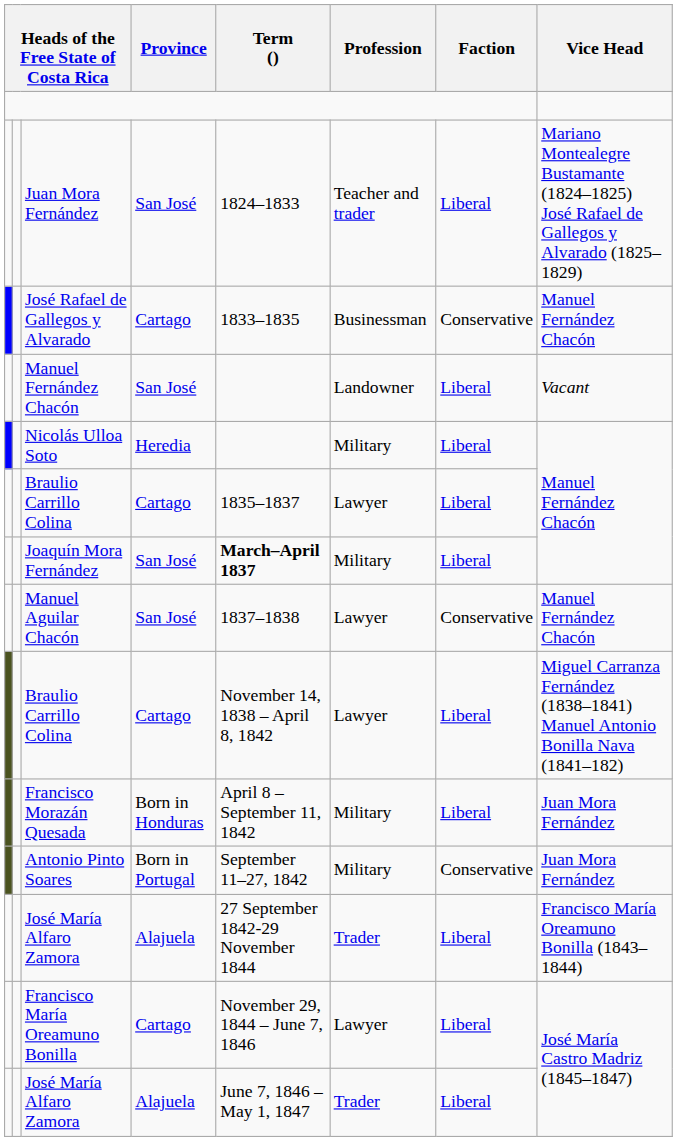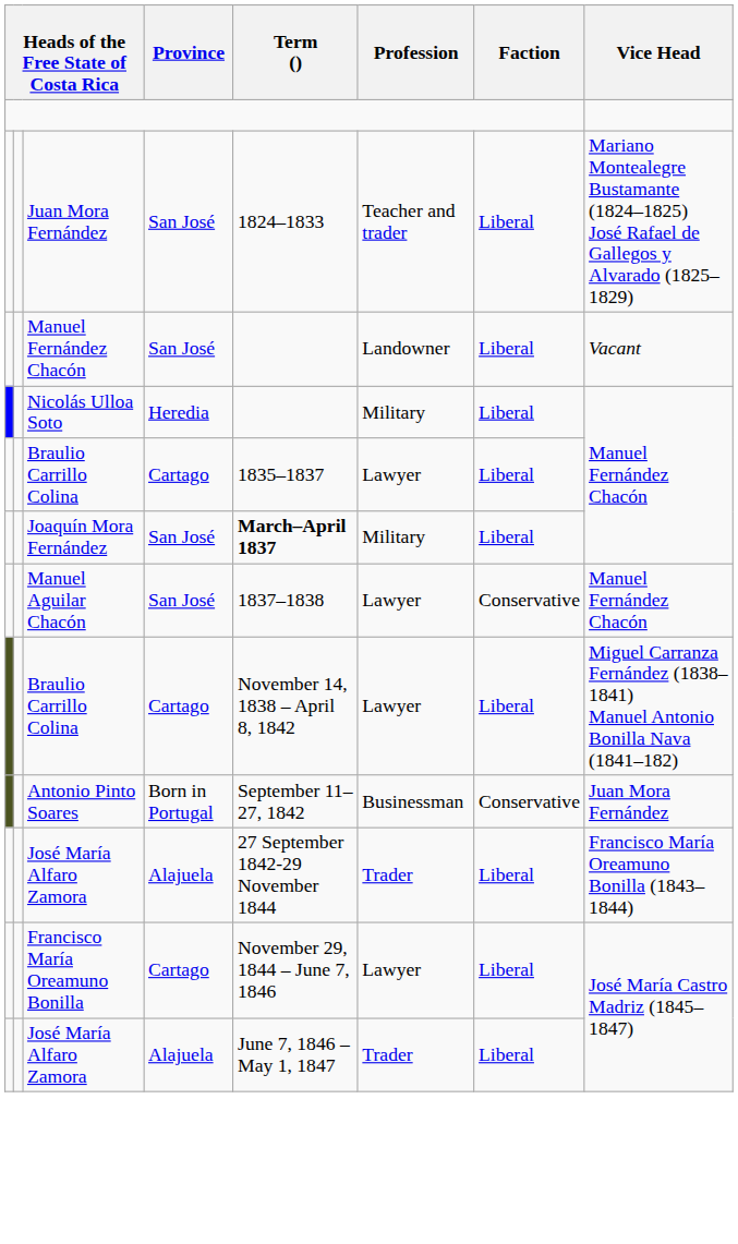 <table class="wikitable">
 <tr>
 <th Colspan=3><br>Heads of the <a href='#'>Free State of Costa Rica</a></th>
 <th><a href='#'>Province</a></th>
 <th>Term<br>()</th>
 <th>Profession</th>
 <th>Faction</th>
 <th>Vice Head</th>
 </tr>
 <tr>
 <td colspan=7><br><div>    </div></td>
 </tr>
 <tr>
 <td style="background:"></td>
 <td></td>
 <td><a href='#'>Juan Mora Fernández</a><br></td>
 <td><a href='#'>San José</a></td>
 <td>1824–1833</td>
 <td>Teacher and <a href='#'>trader</a></td>
 <td><a href='#'>Liberal</a></td>
 <td><a href='#'>Mariano Montealegre Bustamante</a> (1824–1825)<br> <a href='#'>José Rafael de Gallegos y Alvarado</a> (1825–1829)</td>
-</tr>
-<tr>
-<td style="background:Blue"></td>
-<td></td>
-<td><a href='#'>José Rafael de Gallegos y Alvarado</a></td>
-<td><a href='#'>Cartago</a></td>
-<td>1833–1835 <br></td>
-<td>Businessman</td>
-<td>Conservative</td>
-<td><a href='#'>Manuel Fernández Chacón</a></td>
 </tr>
 <tr>
 <td style="background:"></td>
 <td></td>
 <td><a href='#'>Manuel Fernández Chacón</a></td>
 <td><a href='#'>San José</a></td>
 <td></td>
 <td>Landowner</td>
 <td><a href='#'>Liberal</a></td>
 <td><em>Vacant</em></td>
 </tr>
 <tr>
 <td style="background:Blue"></td>
 <td></td>
 <td><a href='#'>Nicolás Ulloa Soto</a></td>
 <td><a href='#'>Heredia</a></td>
 <td></td>
 <td>Military</td>
 <td><a href='#'>Liberal</a></td>
 <td rowspan=3><a href='#'>Manuel Fernández Chacón</a></td>
 </tr>
 <tr>
 <td style="background:"></td>
 <td></td>
 <td><a href='#'>Braulio Carrillo Colina</a></td>
 <td><a href='#'>Cartago</a></td>
 <td>1835–1837<br></td>
 <td>Lawyer</td>
 <td><a href='#'>Liberal</a></td>
 </tr>
 <tr>
 <td style="background:"></td>
 <td></td>
 <td><a href='#'>Joaquín Mora Fernández</a></td>
 <td><a href='#'>San José</a></td>
 <td><strong>March–April 1837 <br></strong></td>
 <td>Military</td>
 <td><a href='#'>Liberal</a></td>
 </tr>
 <tr>
 <td style="background:"></td>
 <td></td>
 <td><a href='#'>Manuel Aguilar Chacón</a></td>
 <td><a href='#'>San José</a></td>
 <td>1837–1838 <br></td>
 <td>Lawyer</td>
 <td>Conservative</td>
 <td><a href='#'>Manuel Fernández Chacón</a></td>
 </tr>
 <tr>
 <td style="background:#4B5320"></td>
 <td></td>
 <td><a href='#'>Braulio Carrillo Colina</a></td>
 <td><a href='#'>Cartago</a></td>
 <td>November 14, 1838 – April 8, 1842 <br></td>
 <td>Lawyer</td>
 <td><a href='#'>Liberal</a></td>
 <td><a href='#'>Miguel Carranza Fernández</a> (1838–1841)<br> <a href='#'>Manuel Antonio Bonilla Nava</a> (1841–182)</td>
 </tr>
 <tr>
 <td style="background:#4B5320"></td>
 <td></td>
-<td><a href='#'>Francisco Morazán Quesada</a></td>
-<td>Born in <a href='#'>Honduras</a></td>
-<td>April 8 – September 11, 1842 <br></td>
-<td>Military</td>
-<td><a href='#'>Liberal</a></td>
-<td><a href='#'>Juan Mora Fernández</a></td>
-</tr>
-<tr>
-<td style="background:#4B5320"></td>
-<td></td>
 <td><a href='#'>Antonio Pinto Soares</a></td>
 <td>Born in <a href='#'>Portugal</a></td>
 <td>September 11–27, 1842 <br></td>
-<td>Military</td>
+<td>Businessman</td>
 <td>Conservative</td>
 <td><a href='#'>Juan Mora Fernández</a></td>
 </tr>
 <tr>
 <td style="background:"></td>
 <td></td>
 <td><a href='#'>José María Alfaro Zamora</a></td>
 <td><a href='#'>Alajuela</a></td>
 <td>27 September 1842-29 November 1844<br></td>
 <td><a href='#'>Trader</a></td>
 <td><a href='#'>Liberal</a></td>
 <td><a href='#'>Francisco María Oreamuno Bonilla</a> (1843–1844)</td>
 </tr>
 <tr>
 <td style="background:"></td>
 <td></td>
 <td><a href='#'>Francisco María Oreamuno Bonilla</a></td>
 <td><a href='#'>Cartago</a></td>
 <td>November 29, 1844 – June 7, 1846 <br></td>
 <td>Lawyer</td>
 <td><a href='#'>Liberal</a></td>
 <td rowspan=2><a href='#'>José María Castro Madriz</a> (1845–1847)</td>
 </tr>
 <tr>
 <td style="background:"></td>
 <td></td>
 <td><a href='#'>José María Alfaro Zamora</a></td>
 <td><a href='#'>Alajuela</a></td>
 <td>June 7, 1846 – May 1, 1847 <br></td>
 <td><a href='#'>Trader</a></td>
 <td><a href='#'>Liberal</a></td>
 </tr>
 </table>
